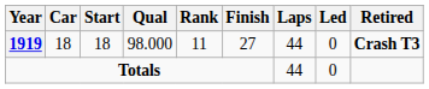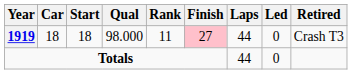 <table class="wikitable" style="text-align:center">
 <tr>
 <th>Year</th>
 <th>Car</th>
 <th>Start</th>
 <th>Qual</th>
 <th>Rank</th>
 <th>Finish</th>
 <th>Laps</th>
 <th>Led</th>
 <th>Retired</th>
 </tr>
 <tr>
 <th><a href='#'>1919</a></th>
 <td>18</td>
 <td>18</td>
 <td>98.000</td>
 <td>11</td>
-<td>27</td>
+<td style="background: pink;">27</td>
 <td>44</td>
 <td>0</td>
-<td><strong>Crash T3</strong></td>
+<td>Crash T3</td>
 </tr>
 <tr>
 <td colspan=6><strong>Totals</strong></td>
 <td>44</td>
 <td>0</td>
 <td></td>
 </tr>
 </table>
